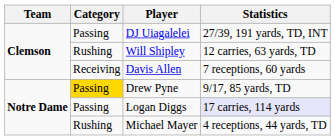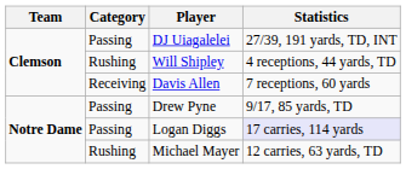 <table class="wikitable" style="float: right;">
 <tr>
 <th>Team</th>
 <th>Category</th>
 <th>Player</th>
 <th>Statistics</th>
 </tr>
 <tr>
 <td rowspan=3><strong>Clemson</strong></td>
 <td>Passing</td>
 <td><a href='#'>DJ Uiagalelei</a></td>
 <td>27/39, 191 yards, TD, INT</td>
 </tr>
 <tr>
 <td>Rushing</td>
 <td><a href='#'>Will Shipley</a></td>
-<td>12 carries, 63 yards, TD</td>
+<td>4 receptions, 44 yards, TD</td>
 </tr>
 <tr>
 <td>Receiving</td>
 <td><a href='#'>Davis Allen</a></td>
 <td>7 receptions, 60 yards</td>
 </tr>
 <tr>
 <td rowspan=3><strong>Notre Dame</strong></td>
-<td style="background: gold;">Passing</td>
+<td>Passing</td>
 <td>Drew Pyne</td>
 <td>9/17, 85 yards, TD</td>
 </tr>
 <tr>
 <td>Passing</td>
 <td>Logan Diggs</td>
 <td style="background: lavender;">17 carries, 114 yards</td>
 </tr>
 <tr>
 <td>Rushing</td>
 <td>Michael Mayer</td>
-<td>4 receptions, 44 yards, TD</td>
+<td>12 carries, 63 yards, TD</td>
 </tr>
 </table>
